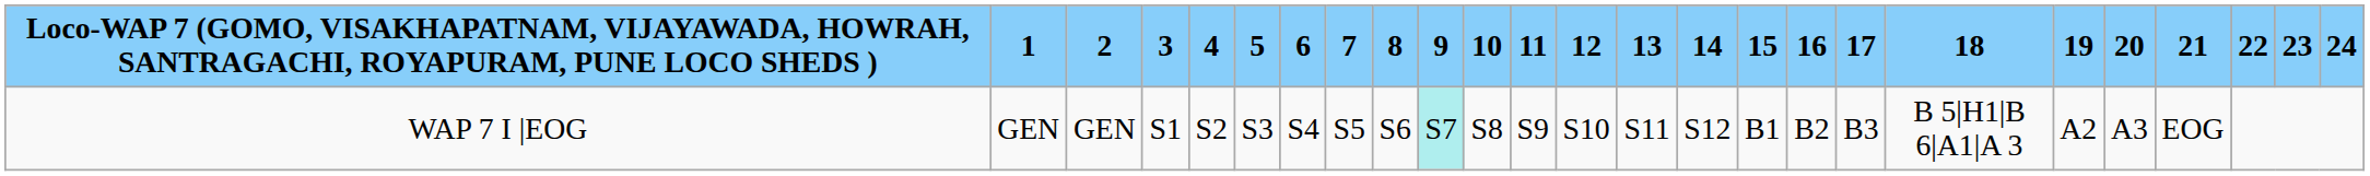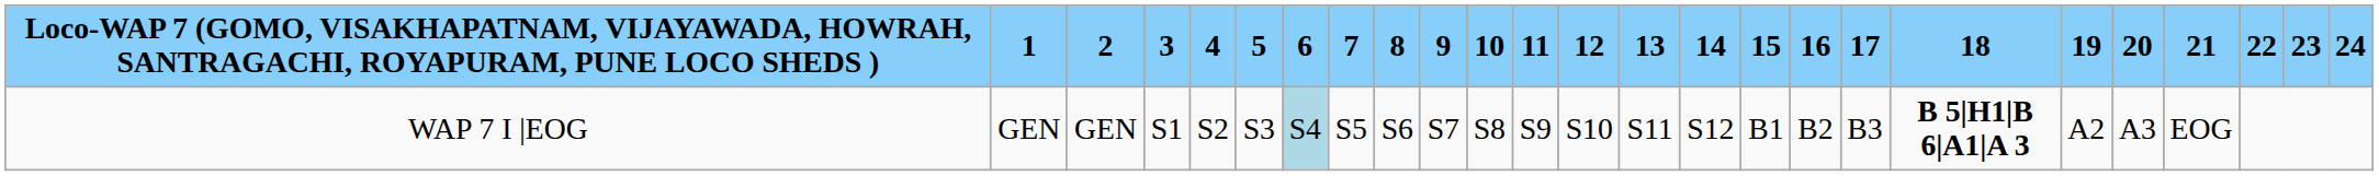 <table class="wikitable plainrowheaders unsortable" style="text-align:center">
 <tr>
 <th scope="col" rowspan="1" style="background:lightskyblue;">Loco-WAP 7 (GOMO, VISAKHAPATNAM, VIJAYAWADA, HOWRAH, SANTRAGACHI, ROYAPURAM, PUNE LOCO SHEDS )</th>
 <th scope="col" rowspan="1" style="background:lightskyblue;">1</th>
 <th scope="col" rowspan="1" style="background:lightskyblue;">2</th>
 <th scope="col" rowspan="1" style="background:lightskyblue;">3</th>
 <th scope="col" rowspan="1" style="background:lightskyblue;">4</th>
 <th scope="col" rowspan="1" style="background:lightskyblue;">5</th>
 <th scope="col" rowspan="1" style="background:lightskyblue;">6</th>
 <th scope="col" rowspan="1" style="background:lightskyblue;">7</th>
 <th scope="col" rowspan="1" style="background:lightskyblue;">8</th>
 <th scope="col" rowspan="1" style="background:lightskyblue;">9</th>
 <th scope="col" rowspan="1" style="background:lightskyblue;">10</th>
 <th scope="col" rowspan="1" style="background:lightskyblue;">11</th>
 <th scope="col" rowspan="1" style="background:lightskyblue;">12</th>
 <th scope="col" rowspan="1" style="background:lightskyblue;">13</th>
 <th scope="col" rowspan="1" style="background:lightskyblue;">14</th>
 <th scope="col" rowspan="1" style="background:lightskyblue;">15</th>
 <th scope="col" rowspan="1" style="background:lightskyblue;">16</th>
 <th scope="col" rowspan="1" style="background:lightskyblue;">17</th>
 <th scope="col" rowspan="1" style="background:lightskyblue;">18</th>
 <th scope="col" rowspan="1" style="background:lightskyblue;">19</th>
 <th scope="col" rowspan="1" style="background:lightskyblue;">20</th>
 <th scope="col" rowspan="1" style="background:lightskyblue;">21</th>
 <th scope="col" rowspan="1" style="background:lightskyblue;">22</th>
 <th scope="col" rowspan="1" style="background:lightskyblue;">23</th>
 <th scope="col" rowspan="1" style="background:lightskyblue;">24</th>
 </tr>
 <tr>
 <td>WAP 7 I |EOG</td>
 <td>GEN</td>
 <td>GEN</td>
 <td>S1</td>
 <td>S2</td>
 <td>S3</td>
-<td>S4</td>
+<td style="background: lightblue;">S4</td>
 <td>S5</td>
 <td>S6</td>
-<td style="background: paleturquoise;">S7</td>
+<td>S7</td>
 <td>S8</td>
 <td>S9</td>
 <td>S10</td>
 <td>S11</td>
 <td>S12</td>
 <td>B1</td>
 <td>B2</td>
 <td>B3</td>
-<td B4>B 5|H1|B 6|A1|A 3</td>
+<td B4><strong>B 5|H1|B 6|A1|A 3</strong></td>
 <td>A2</td>
 <td>A3</td>
 <td>EOG</td>
 </tr>
 </table>
